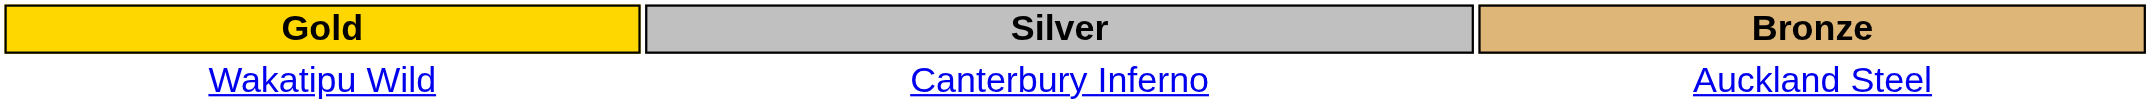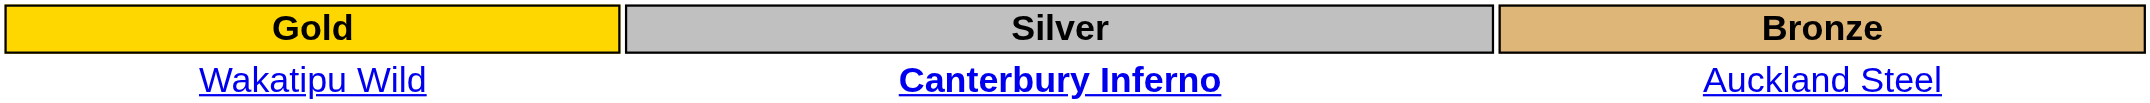 <table class="toccolours" align="centre" style="width:60em;text-align: center">
 <tr>
 <th style="background:Gold;color:black;border:#000000 1px solid">Gold</th>
 <th style="background:Silver;color:black;border:#000000 1px solid">Silver</th>
 <th style="background:#deb678;color:black;border:#000000 1px solid">Bronze</th>
 </tr>
 <tr>
 <td> <a href='#'>Wakatipu Wild</a></td>
-<td> <a href='#'>Canterbury Inferno</a></td>
+<td><strong> <a href='#'>Canterbury Inferno</a></strong></td>
 <td> <a href='#'>Auckland Steel</a></td>
 </tr>
 <tr>
 </tr>
 </table>
